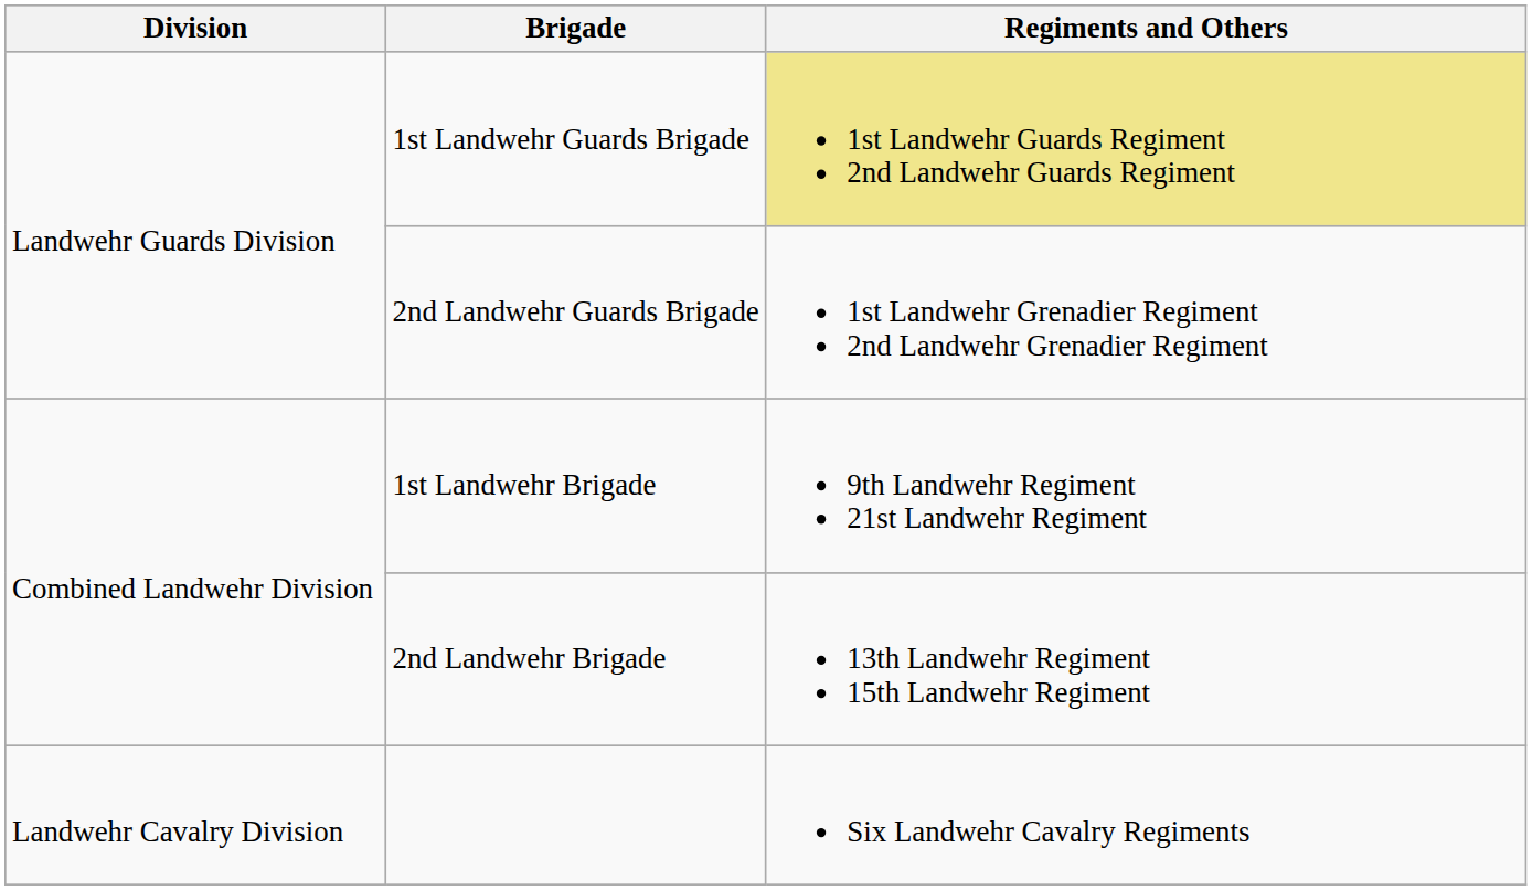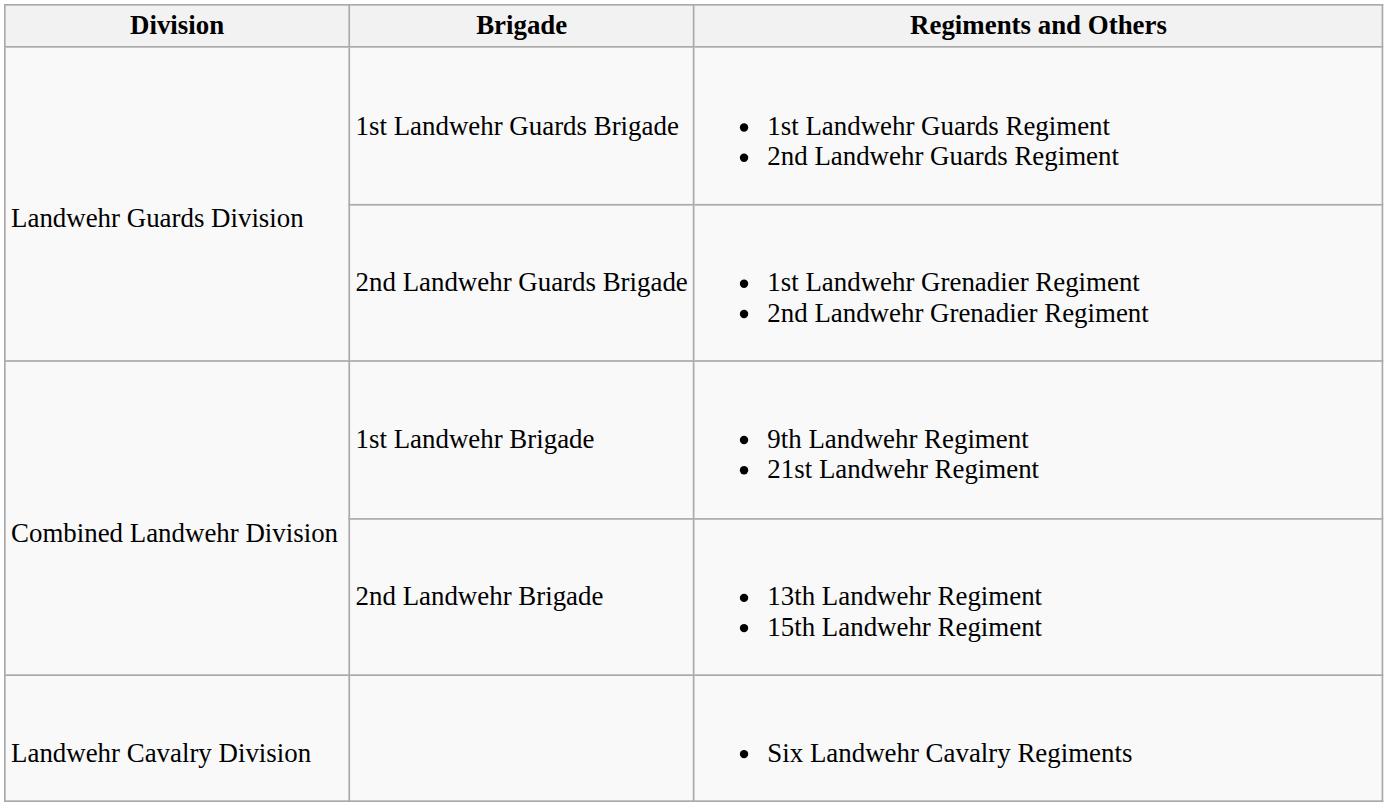 <table class="wikitable">
 <tr>
 <th style="width:25%;">Division</th>
 <th style="width:25%;">Brigade</th>
 <th>Regiments and Others</th>
 </tr>
 <tr>
 <td rowspan=2><br>Landwehr Guards Division</td>
 <td>1st Landwehr Guards Brigade</td>
-<td style="background: khaki;"><br><ul><li>1st Landwehr Guards Regiment</li><li>2nd Landwehr Guards Regiment</li></ul></td>
+<td><br><ul><li>1st Landwehr Guards Regiment</li><li>2nd Landwehr Guards Regiment</li></ul></td>
 </tr>
 <tr>
 <td>2nd Landwehr Guards Brigade</td>
 <td><br><ul><li>1st Landwehr Grenadier Regiment</li><li>2nd Landwehr Grenadier Regiment</li></ul></td>
 </tr>
 <tr>
 <td rowspan=2><br>Combined Landwehr Division</td>
 <td>1st Landwehr Brigade</td>
 <td><br><ul><li>9th Landwehr Regiment</li><li>21st Landwehr Regiment</li></ul></td>
 </tr>
 <tr>
 <td>2nd Landwehr Brigade</td>
 <td><br><ul><li>13th Landwehr Regiment</li><li>15th Landwehr Regiment</li></ul></td>
 </tr>
 <tr>
 <td rowspan=1><br>Landwehr Cavalry Division</td>
 <td></td>
 <td><br><ul><li>Six Landwehr Cavalry Regiments</li></ul></td>
 </tr>
 </table>
